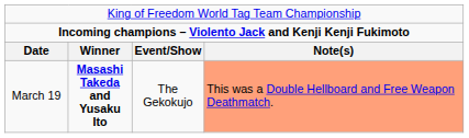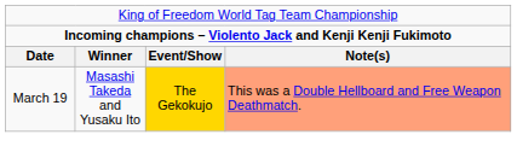 <table class="wikitable" style="text-align:center; width:100%;">
 <tr>
 <td colspan="4" style="text-align: center;"><a href='#'>King of Freedom World Tag Team Championship</a></td>
 </tr>
 <tr>
 <td colspan="4" style="text-align: center;"><strong>Incoming champions – <a href='#'>Violento Jack</a> and Kenji Kenji Fukimoto</strong></td>
 </tr>
 <tr>
 <th width=14%>Date</th>
 <th width=14%>Winner</th>
 <th width=14%>Event/Show</th>
 <th width=58%>Note(s)</th>
 </tr>
 <tr>
 <td>March 19</td>
-<td><strong><a href='#'>Masashi Takeda</a> and Yusaku Ito</strong></td>
-<td>The Gekokujo</td>
+<td><a href='#'>Masashi Takeda</a> and Yusaku Ito</td>
+<td style="background: gold;">The Gekokujo</td>
 <td align=left style="background: lightsalmon;">This was a <a href='#'>Double Hellboard and Free Weapon Deathmatch</a>.</td>
 </tr>
 </table>
